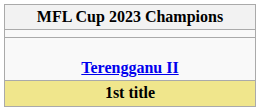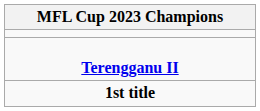 <table class="wikitable" style="text-align: center; margin: 0 auto; width: 20%">
 <tr>
 <th>MFL Cup 2023 Champions</th>
 </tr>
 <tr>
 <td></td>
 </tr>
 <tr>
 <td><br><strong><a href='#'>Terengganu II</a></strong></td>
 </tr>
 <tr>
-<td style="background: khaki;"><strong>1st title</strong></td>
+<td><strong>1st title</strong></td>
 </tr>
 <tr>
 </tr>
 </table>
